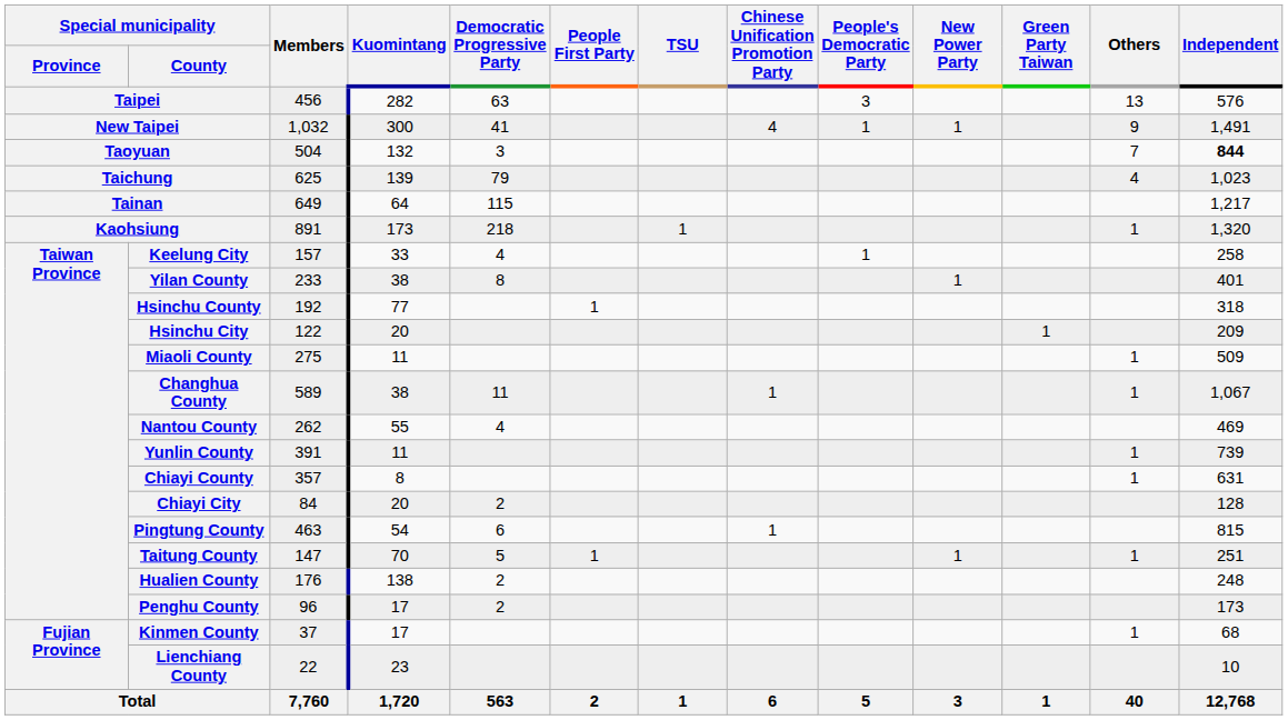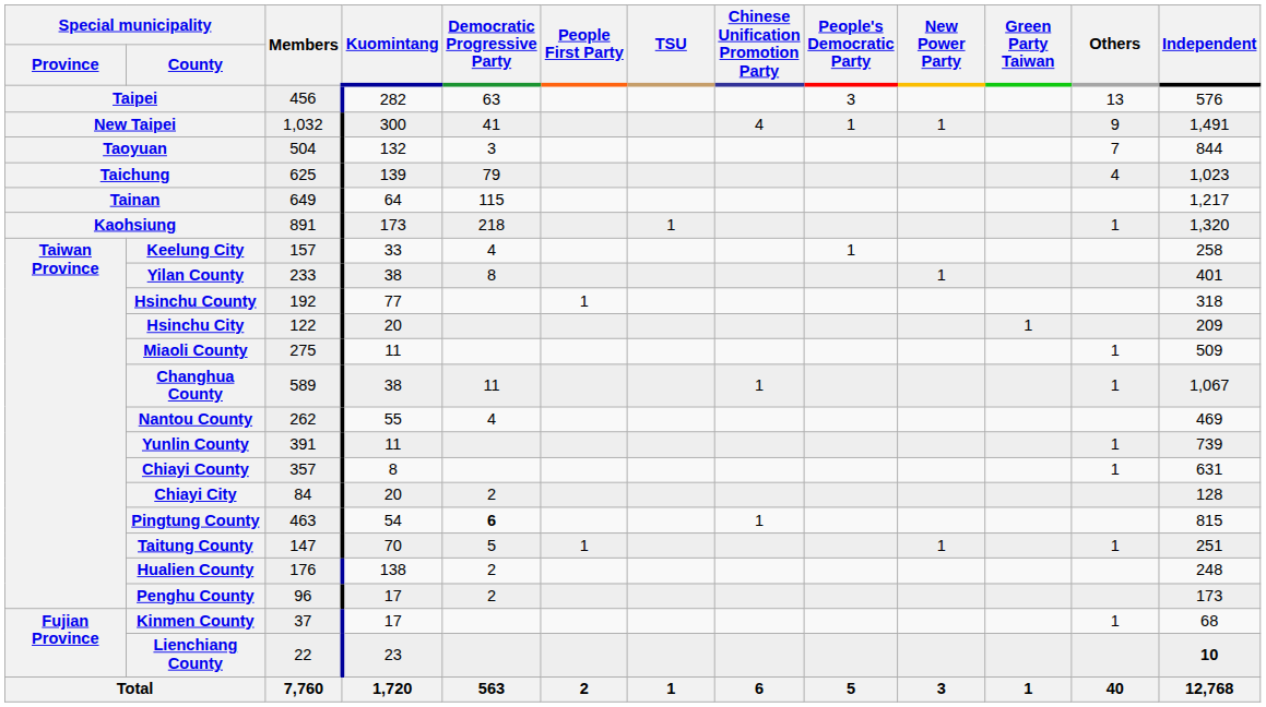 <table class="wikitable collapsible" style="text-align:center; margin:auto">
 <tr>
 <th colspan=2 style="width:120px;"><a href='#'>Special municipality</a></th>
 <th rowspan=2 style="width:60px;">Members</th>
 <th rowspan=2 style="width:80px; border-bottom:4px solid #000099;"><a href='#'>Kuomintang</a></th>
 <th rowspan=2 style="width:80px; border-bottom:4px solid #1B9431;"><a href='#'>Democratic Progressive Party</a></th>
 <th rowspan=2 style="width:80px; border-bottom:4px solid #FF6310;"><a href='#'>People First Party</a></th>
 <th rowspan=2 style="width:80px; border-bottom:4px solid #C69E6A;"><a href='#'>TSU</a></th>
 <th rowspan=2 style="width:80px; border-bottom:4px solid #333399;"><a href='#'>Chinese Unification Promotion Party</a></th>
 <th rowspan=2 style="width:80px; border-bottom:4px solid #FF0000;"><a href='#'>People's Democratic Party</a></th>
 <th rowspan=2 style="width:80px; border-bottom:4px solid #FBBE01;"><a href='#'>New Power Party</a></th>
 <th rowspan=2 style="width:80px; border-bottom:4px solid #0fc90f;"><a href='#'>Green Party Taiwan</a></th>
 <th rowspan=2 style="width:80px; border-bottom:4px solid #A6A6A6;">Others</th>
 <th rowspan=2 style="width:80px; border-bottom:4px solid #000000;"><a href='#'>Independent</a></th>
 </tr>
 <tr>
 <th><a href='#'>Province</a></th>
 <th><a href='#'>County</a></th>
 </tr>
 <tr>
 <th colspan=2><a href='#'>Taipei</a></th>
 <td bgcolor=#EEEEEE style="border-right:4px solid #000099;">456</td>
 <td>282</td>
 <td>63</td>
 <td></td>
 <td></td>
 <td></td>
 <td>3</td>
 <td></td>
 <td></td>
 <td>13</td>
 <td>576</td>
 </tr>
 <tr bgcolor="#EEEEEE">
 <th colspan=2><a href='#'>New Taipei</a></th>
 <td bgcolor=#EEEEEE style="border-right:4px solid #000000;">1,032</td>
 <td>300</td>
 <td>41</td>
 <td></td>
 <td></td>
 <td>4</td>
 <td>1</td>
 <td>1</td>
 <td></td>
 <td>9</td>
 <td>1,491</td>
 </tr>
 <tr>
 <th colspan=2><a href='#'>Taoyuan</a></th>
 <td bgcolor=#EEEEEE style="border-right:4px solid #000000;">504</td>
 <td>132</td>
 <td>3</td>
 <td></td>
 <td></td>
 <td></td>
 <td></td>
 <td></td>
 <td></td>
 <td>7</td>
-<td><strong>844</strong></td>
+<td>844</td>
 </tr>
 <tr bgcolor="#EEEEEE">
 <th colspan=2><a href='#'>Taichung</a></th>
 <td bgcolor=#EEEEEE style="border-right:4px solid #000000;">625</td>
 <td>139</td>
 <td>79</td>
 <td></td>
 <td></td>
 <td></td>
 <td></td>
 <td></td>
 <td></td>
 <td>4</td>
 <td>1,023</td>
 </tr>
 <tr>
 <th colspan=2><a href='#'>Tainan</a></th>
 <td bgcolor=#EEEEEE style="border-right:4px solid #000000;">649</td>
 <td>64</td>
 <td>115</td>
 <td></td>
 <td></td>
 <td></td>
 <td></td>
 <td></td>
 <td></td>
 <td></td>
 <td>1,217</td>
 </tr>
 <tr bgcolor="#EEEEEE">
 <th colspan=2><a href='#'>Kaohsiung</a></th>
 <td bgcolor=#EEEEEE style="border-right:4px solid #000000;">891</td>
 <td>173</td>
 <td>218</td>
 <td></td>
 <td>1</td>
 <td></td>
 <td></td>
 <td></td>
 <td></td>
 <td>1</td>
 <td>1,320</td>
 </tr>
 <tr>
 <th rowspan=14 valign=top><a href='#'>Taiwan Province</a></th>
 <th><a href='#'>Keelung City</a></th>
 <td bgcolor=#EEEEEE style="border-right:4px solid #000000;">157</td>
 <td>33</td>
 <td>4</td>
 <td></td>
 <td></td>
 <td></td>
 <td>1</td>
 <td></td>
 <td></td>
 <td></td>
 <td>258</td>
 </tr>
 <tr bgcolor="#EEEEEE">
 <th><a href='#'>Yilan County</a></th>
 <td bgcolor=#EEEEEE style="border-right:4px solid #000000;">233</td>
 <td>38</td>
 <td>8</td>
 <td></td>
 <td></td>
 <td></td>
 <td></td>
 <td>1</td>
 <td></td>
 <td></td>
 <td>401</td>
 </tr>
 <tr>
 <th><a href='#'>Hsinchu County</a></th>
 <td bgcolor=#EEEEEE style="border-right:4px solid #000000;">192</td>
 <td>77</td>
 <td></td>
 <td>1</td>
 <td></td>
 <td></td>
 <td></td>
 <td></td>
 <td></td>
 <td></td>
 <td>318</td>
 </tr>
 <tr bgcolor="#EEEEEE">
 <th><a href='#'>Hsinchu City</a></th>
 <td bgcolor=#EEEEEE style="border-right:4px solid #000000;">122</td>
 <td>20</td>
 <td></td>
 <td></td>
 <td></td>
 <td></td>
 <td></td>
 <td></td>
 <td>1</td>
 <td></td>
 <td>209</td>
 </tr>
 <tr>
 <th><a href='#'>Miaoli County</a></th>
 <td bgcolor=#EEEEEE style="border-right:4px solid #000000;">275</td>
 <td>11</td>
 <td></td>
 <td></td>
 <td></td>
 <td></td>
 <td></td>
 <td></td>
 <td></td>
 <td>1</td>
 <td>509</td>
 </tr>
 <tr bgcolor="#EEEEEE">
 <th><a href='#'>Changhua County</a></th>
 <td bgcolor=#EEEEEE style="border-right:4px solid #000000;">589</td>
 <td>38</td>
 <td>11</td>
 <td></td>
 <td></td>
 <td>1</td>
 <td></td>
 <td></td>
 <td></td>
 <td>1</td>
 <td>1,067</td>
 </tr>
 <tr>
 <th><a href='#'>Nantou County</a></th>
 <td bgcolor=#EEEEEE style="border-right:4px solid #000000;">262</td>
 <td>55</td>
 <td>4</td>
 <td></td>
 <td></td>
 <td></td>
 <td></td>
 <td></td>
 <td></td>
 <td></td>
 <td>469</td>
 </tr>
 <tr bgcolor="#EEEEEE">
 <th><a href='#'>Yunlin County</a></th>
 <td bgcolor=#EEEEEE style="border-right:4px solid #000000;">391</td>
 <td>11</td>
 <td></td>
 <td></td>
 <td></td>
 <td></td>
 <td></td>
 <td></td>
 <td></td>
 <td>1</td>
 <td>739</td>
 </tr>
 <tr>
 <th><a href='#'>Chiayi County</a></th>
 <td bgcolor=#EEEEEE style="border-right:4px solid #000000;">357</td>
 <td>8</td>
 <td></td>
 <td></td>
 <td></td>
 <td></td>
 <td></td>
 <td></td>
 <td></td>
 <td>1</td>
 <td>631</td>
 </tr>
 <tr bgcolor="#EEEEEE">
 <th><a href='#'>Chiayi City</a></th>
 <td bgcolor=#EEEEEE style="border-right:4px solid #000000;">84</td>
 <td>20</td>
 <td>2</td>
 <td></td>
 <td></td>
 <td></td>
 <td></td>
 <td></td>
 <td></td>
 <td></td>
 <td>128</td>
 </tr>
 <tr>
 <th><a href='#'>Pingtung County</a></th>
 <td bgcolor=#EEEEEE style="border-right:4px solid #000000;">463</td>
 <td>54</td>
-<td>6</td>
+<td><strong>6</strong></td>
 <td></td>
 <td></td>
 <td>1</td>
 <td></td>
 <td></td>
 <td></td>
 <td></td>
 <td>815</td>
 </tr>
 <tr bgcolor="#EEEEEE">
 <th><a href='#'>Taitung County</a></th>
 <td bgcolor=#EEEEEE style="border-right:4px solid #000000;">147</td>
 <td>70</td>
 <td>5</td>
 <td>1</td>
 <td></td>
 <td></td>
 <td></td>
 <td>1</td>
 <td></td>
 <td>1</td>
 <td>251</td>
 </tr>
 <tr>
 <th><a href='#'>Hualien County</a></th>
 <td bgcolor=#EEEEEE style="border-right:4px solid #000099;">176</td>
 <td>138</td>
 <td>2</td>
 <td></td>
 <td></td>
 <td></td>
 <td></td>
 <td></td>
 <td></td>
 <td></td>
 <td>248</td>
 </tr>
 <tr bgcolor="#EEEEEE">
 <th><a href='#'>Penghu County</a></th>
 <td bgcolor=#EEEEEE style="border-right:4px solid #000000;">96</td>
 <td>17</td>
 <td>2</td>
 <td></td>
 <td></td>
 <td></td>
 <td></td>
 <td></td>
 <td></td>
 <td></td>
 <td>173</td>
 </tr>
 <tr>
 <th rowspan=2 valign=top><a href='#'>Fujian Province</a></th>
 <th><a href='#'>Kinmen County</a></th>
 <td bgcolor=#EEEEEE style="border-right:4px solid #000099;">37</td>
 <td>17</td>
 <td></td>
 <td></td>
 <td></td>
 <td></td>
 <td></td>
 <td></td>
 <td></td>
 <td>1</td>
 <td>68</td>
 </tr>
 <tr bgcolor="#EEEEEE">
 <th><a href='#'>Lienchiang County</a></th>
 <td bgcolor=#EEEEEE style="border-right:4px solid #000099;">22</td>
 <td>23</td>
 <td></td>
 <td></td>
 <td></td>
 <td></td>
 <td></td>
 <td></td>
 <td></td>
 <td></td>
-<td>10</td>
+<td><strong>10</strong></td>
 </tr>
 <tr>
 <th colspan="2">Total</th>
 <th>7,760</th>
 <th>1,720</th>
 <th>563</th>
 <th>2</th>
 <th>1</th>
 <th>6</th>
 <th>5</th>
 <th>3</th>
 <th>1</th>
 <th>40</th>
 <th>12,768</th>
 </tr>
 </table>
